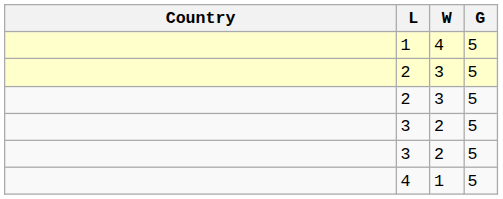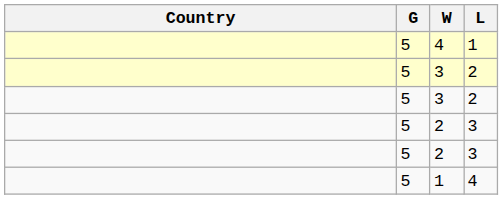 <table class="wikitable">
 <tr>
 <th bgcolor="#efefef" width="300">Country</th>
+<th bgcolor="#efefef" width="20">G</th>
+<th bgcolor="#efefef" width="20">W</th>
 <th bgcolor="#efefef" width="20">L</th>
-<th bgcolor="#efefef" width="20">W</th>
-<th bgcolor="#efefef" width="20">G</th>
 </tr>
 <tr bgcolor="#ffffcc">
 <td></td>
+<td>5</td>
+<td>4</td>
 <td>1</td>
-<td>4</td>
-<td>5</td>
 </tr>
 <tr bgcolor="#ffffcc">
 <td></td>
+<td>5</td>
+<td>3</td>
 <td>2</td>
-<td>3</td>
-<td>5</td>
 </tr>
 <tr>
 <td></td>
+<td>5</td>
+<td>3</td>
 <td>2</td>
-<td>3</td>
-<td>5</td>
 </tr>
 <tr>
 <td></td>
+<td>5</td>
+<td>2</td>
 <td>3</td>
-<td>2</td>
-<td>5</td>
 </tr>
 <tr>
 <td></td>
+<td>5</td>
+<td>2</td>
 <td>3</td>
-<td>2</td>
-<td>5</td>
 </tr>
 <tr>
 <td></td>
+<td>5</td>
+<td>1</td>
 <td>4</td>
-<td>1</td>
-<td>5</td>
 </tr>
 </table>
